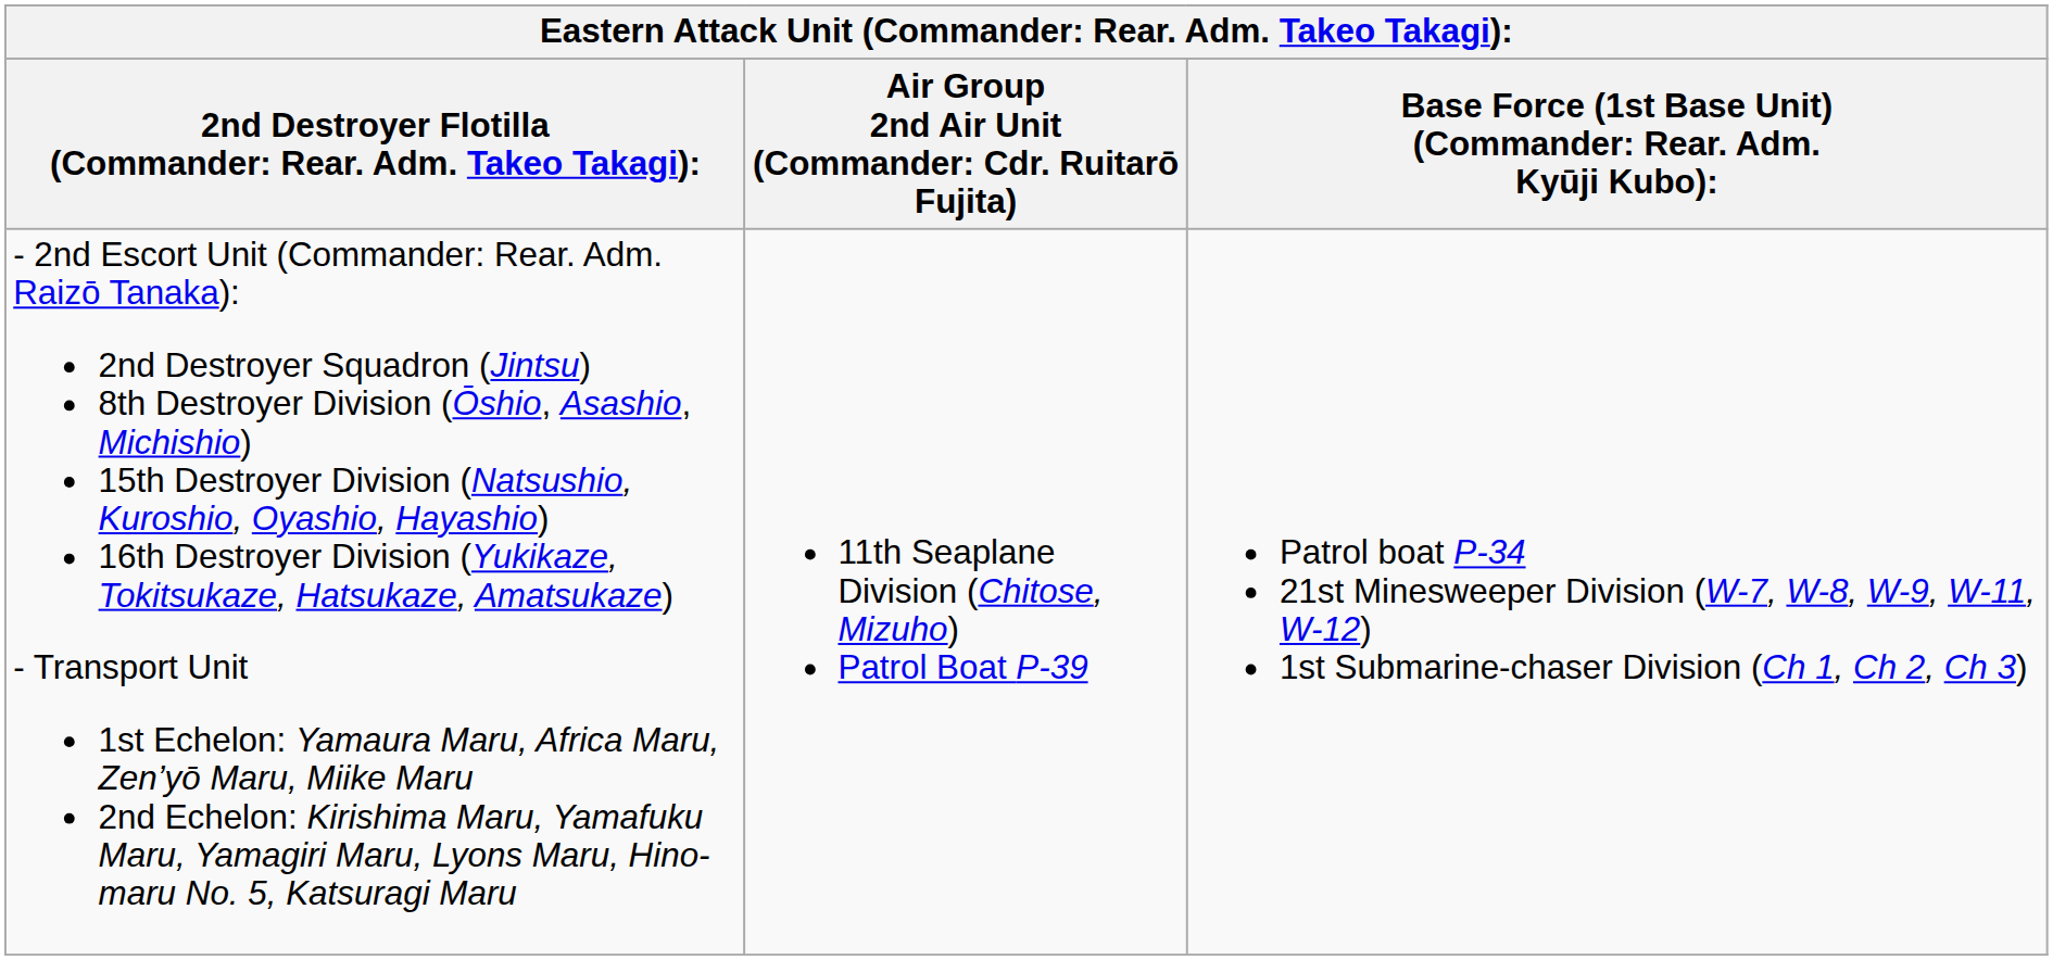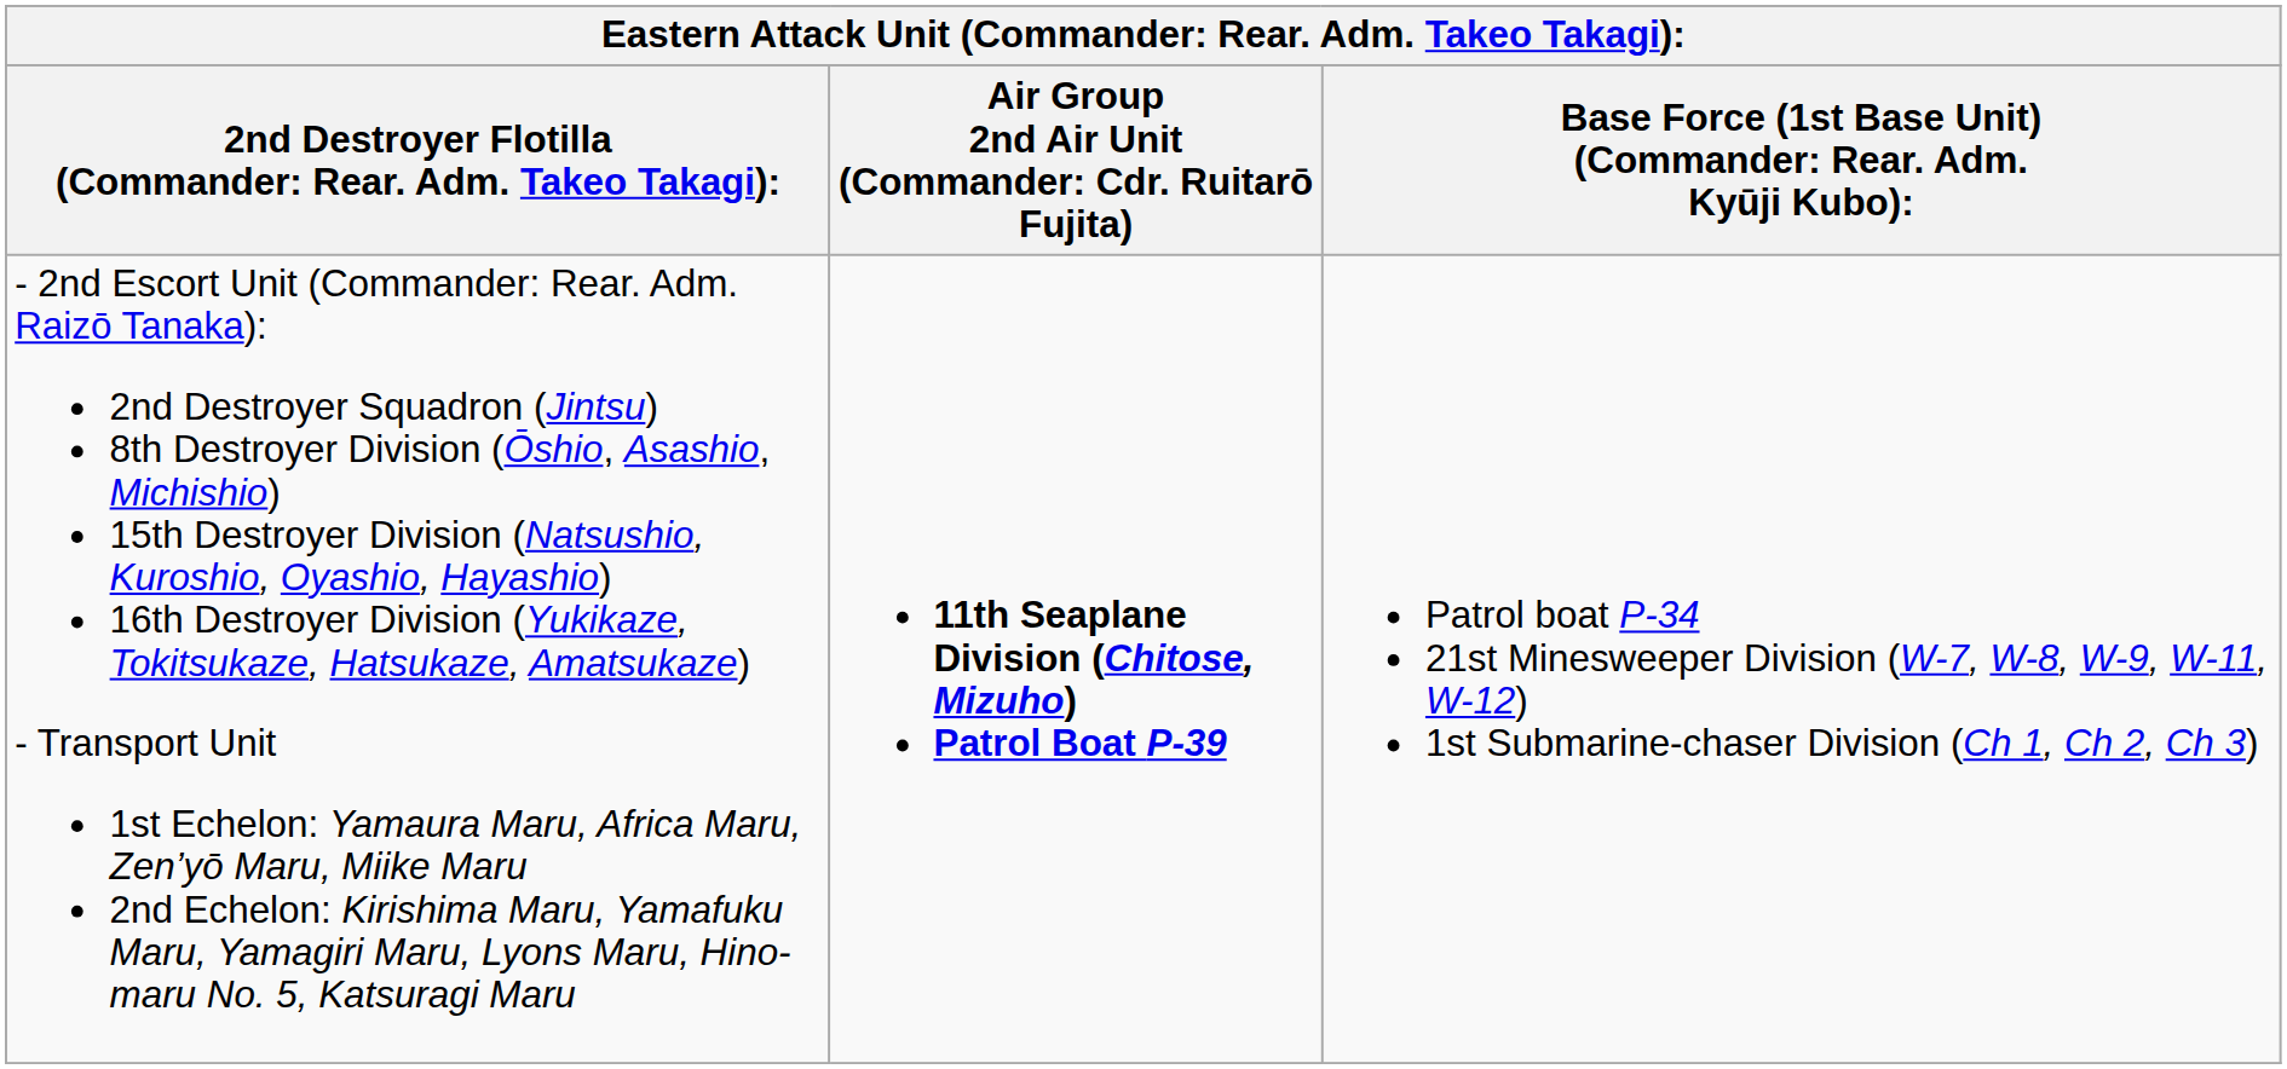 <table class="wikitable" style="width: 960px">
 <tr>
 <th colspan="3">Eastern Attack Unit (Commander: Rear. Adm. <a href='#'>Takeo Takagi</a>):</th>
 </tr>
 <tr>
 <th>2nd Destroyer Flotilla<br>(Commander: Rear. Adm. <a href='#'>Takeo Takagi</a>):</th>
 <th><strong>Air Group</strong><br>2nd Air Unit<br>(Commander: Cdr. Ruitarō Fujita)</th>
 <th><strong>Base Force</strong> (1st Base Unit)<br>(Commander: Rear. Adm.<br>Kyūji Kubo):</th>
 </tr>
 <tr>
 <td style="width: 340px">- 2nd Escort Unit (Commander: Rear. Adm. <a href='#'>Raizō Tanaka</a>):<br><ul><li>2nd Destroyer Squadron (<a href='#'><em>Jintsu</em></a>)</li><li>8th Destroyer Division (<a href='#'><em>Ōshio</em></a>, <a href='#'><em>Asashio</em></a>, <a href='#'><em>Michishio</em></a>)</li><li>15th Destroyer Division (<em><a href='#'>Natsushio</a>, <a href='#'>Kuroshio</a>, <a href='#'>Oyashio</a>, <a href='#'>Hayashio</a></em>)</li><li>16th Destroyer Division (<em><a href='#'>Yukikaze</a>, <a href='#'>Tokitsukaze</a>, <a href='#'>Hatsukaze</a>, <a href='#'>Amatsukaze</a></em>)</li></ul>- Transport Unit<ul><li>1st Echelon: <em>Yamaura Maru, Africa Maru, Zen’yō Maru, Miike Maru</em></li><li>2nd Echelon: <em>Kirishima Maru, Yamafuku Maru, Yamagiri Maru, Lyons Maru, Hino-maru No. 5, Katsuragi Maru</em></li></ul></td>
-<td style="width: 200px"><br><ul><li>11th Seaplane Division (<a href='#'><em>Chitose</em></a><em>,</em> <a href='#'><em>Mizuho</em></a>)</li><li><a href='#'>Patrol Boat <em>P-39</em></a></li></ul></td>
+<td style="width: 200px"><strong><br><ul><li>11th Seaplane Division (<a href='#'><em>Chitose</em></a><em>,</em> <a href='#'><em>Mizuho</em></a>)</li><li><a href='#'>Patrol Boat <em>P-39</em></a></li></ul></strong></td>
 <td><br><ul><li>Patrol boat <em><a href='#'>P-34</a></em></li><li>21st Minesweeper Division (<em><a href='#'>W-7</a>, <a href='#'>W-8</a>, <a href='#'>W-9</a>, <a href='#'>W-11</a>, <a href='#'>W-12</a></em>)</li><li>1st Submarine-chaser Division (<a href='#'><em>Ch 1</em></a><em>, <a href='#'>Ch 2</a>, <a href='#'>Ch 3</a></em>)</li></ul></td>
 </tr>
 </table>
